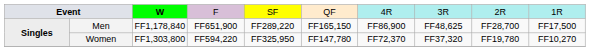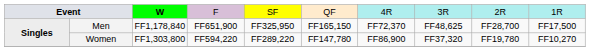 <table class=wikitable style=font-size:90%;text-align:center>
 <tr>
 <td width=200 colspan=2 bgcolor=#dfe2e9><strong>Event</strong></td>
 <td width=80 bgcolor=lime><strong>W</strong></td>
 <td width=85 bgcolor=#D8BFD8>F</td>
 <td width=85 bgcolor=#FFFF00>SF</td>
 <td width=85 bgcolor=#ffebcd>QF</td>
 <td width=85 bgcolor=#afeeee>4R</td>
 <td width=85 bgcolor=#afeeee>3R</td>
 <td width=85 bgcolor=#afeeee>2R</td>
 <td width=85 bgcolor=#afeeee>1R</td>
 </tr>
 <tr>
 <td rowspan=2 bgcolor=#ededed><strong>Singles</strong> </td>
 <td bgcolor=#f3f3f3>Men</td>
 <td>FF1,178,840</td>
 <td>FF651,900</td>
-<td>FF289,220</td>
+<td>FF325,950</td>
 <td>FF165,150</td>
-<td>FF86,900</td>
+<td>FF72,370</td>
 <td>FF48,625</td>
 <td>FF28,700</td>
 <td>FF17,500</td>
 </tr>
 <tr>
 <td bgcolor=#f3f3f3>Women</td>
 <td>FF1,303,800</td>
 <td>FF594,220</td>
-<td>FF325,950</td>
+<td>FF289,220</td>
 <td>FF147,780</td>
-<td>FF72,370</td>
+<td>FF86,900</td>
 <td>FF37,320</td>
 <td>FF19,780</td>
 <td>FF10,270</td>
 </tr>
 <tr>
 </tr>
 </table>
